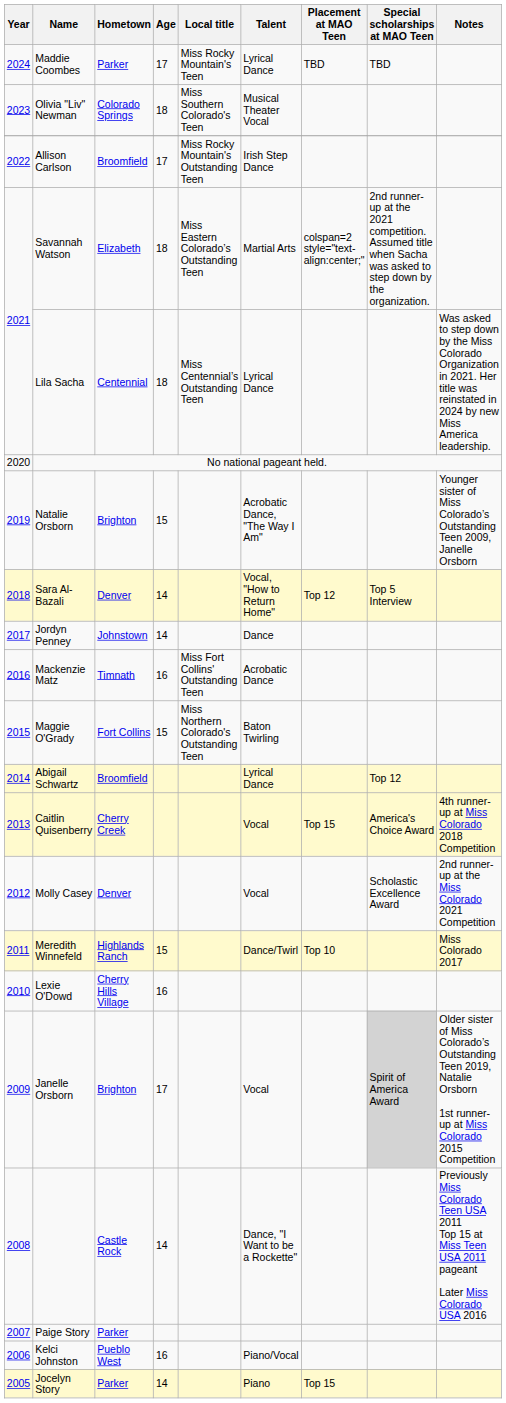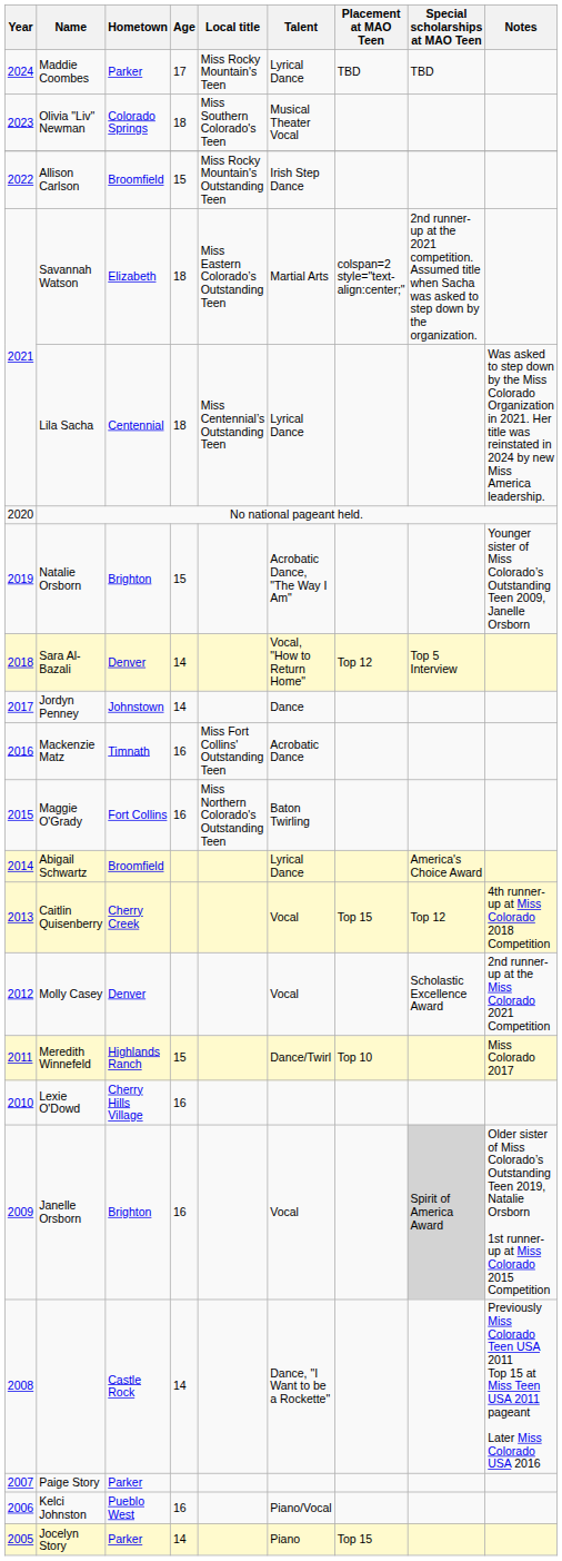 <table class="wikitable sortable"style="width:100%; font-size:90%;">
 <tr bgcolor="#efefef">
 <th>Year</th>
 <th>Name</th>
 <th>Hometown</th>
 <th>Age</th>
 <th>Local title</th>
 <th>Talent</th>
 <th>Placement at MAO Teen</th>
 <th>Special scholarships at MAO Teen</th>
 <th>Notes</th>
 </tr>
 <tr>
 <td><a href='#'>2024</a></td>
 <td>Maddie Coombes</td>
 <td><a href='#'>Parker</a></td>
 <td>17</td>
 <td>Miss Rocky Mountain's Teen</td>
 <td>Lyrical Dance</td>
 <td>TBD</td>
 <td>TBD</td>
 <td></td>
 </tr>
 <tr>
 <td><a href='#'>2023</a></td>
 <td>Olivia "Liv" Newman</td>
 <td><a href='#'>Colorado Springs</a></td>
 <td>18</td>
 <td>Miss Southern Colorado's Teen</td>
 <td>Musical Theater Vocal</td>
 <td></td>
 <td></td>
 <td></td>
 </tr>
 <tr>
 </tr>
 <tr>
 <td><a href='#'>2022</a></td>
 <td>Allison Carlson</td>
 <td><a href='#'>Broomfield</a></td>
-<td>17</td>
+<td>15</td>
 <td>Miss Rocky Mountain's Outstanding Teen</td>
 <td>Irish Step Dance</td>
 <td align="center"></td>
 <td></td>
 <td></td>
 </tr>
 <tr>
 <td rowspan=2><a href='#'>2021</a></td>
 <td>Savannah Watson</td>
 <td><a href='#'>Elizabeth</a></td>
 <td>18</td>
 <td>Miss Eastern Colorado’s Outstanding Teen</td>
 <td>Martial Arts</td>
 <td>colspan=2 style="text-align:center;" </td>
 <td>2nd runner-up at the 2021 competition. Assumed title when Sacha was asked to step down by the organization.</td>
 </tr>
 <tr>
 <td>Lila Sacha</td>
 <td><a href='#'>Centennial</a></td>
 <td>18</td>
 <td>Miss Centennial’s Outstanding Teen</td>
 <td>Lyrical Dance</td>
 <td></td>
 <td></td>
 <td>Was asked to step down by the Miss Colorado Organization in 2021. Her title was reinstated in 2024 by new Miss America leadership.</td>
 </tr>
 <tr ->
 <td>2020</td>
 <td style="text-align:center;" colspan=8>No national pageant held.</td>
 </tr>
 <tr>
 <td><a href='#'>2019</a></td>
 <td>Natalie Orsborn</td>
 <td><a href='#'>Brighton</a></td>
 <td>15</td>
 <td></td>
 <td>Acrobatic Dance, "The Way I Am"</td>
 <td></td>
 <td></td>
 <td>Younger sister of Miss Colorado’s Outstanding Teen 2009, Janelle Orsborn</td>
 </tr>
 <tr style="background-color:#FFFACD;">
 <td><a href='#'>2018</a></td>
 <td>Sara Al-Bazali</td>
 <td><a href='#'>Denver</a></td>
 <td>14</td>
 <td></td>
 <td>Vocal, "How to Return Home"</td>
 <td>Top 12</td>
 <td>Top 5 Interview</td>
 <td></td>
 </tr>
 <tr>
 <td><a href='#'>2017</a></td>
 <td>Jordyn Penney</td>
 <td><a href='#'>Johnstown</a></td>
 <td>14</td>
 <td></td>
 <td>Dance</td>
 <td></td>
 <td></td>
 <td></td>
 </tr>
 <tr>
 <td><a href='#'>2016</a></td>
 <td>Mackenzie Matz</td>
 <td><a href='#'>Timnath</a></td>
 <td>16</td>
 <td>Miss Fort Collins' Outstanding Teen</td>
 <td>Acrobatic Dance</td>
 <td></td>
 <td></td>
 <td></td>
 </tr>
 <tr>
 <td><a href='#'>2015</a></td>
 <td>Maggie O'Grady</td>
 <td><a href='#'>Fort Collins</a></td>
-<td>15</td>
+<td>16</td>
 <td>Miss Northern Colorado's Outstanding Teen</td>
 <td>Baton Twirling</td>
 <td></td>
 <td></td>
 <td></td>
 </tr>
 <tr style="background-color:#FFFACD;">
 <td><a href='#'>2014</a></td>
 <td>Abigail Schwartz</td>
 <td><a href='#'>Broomfield</a></td>
 <td></td>
 <td></td>
 <td>Lyrical Dance</td>
 <td></td>
-<td>Top 12</td>
+<td>America's Choice Award</td>
 <td></td>
 </tr>
 <tr style="background-color:#FFFACD;">
 <td><a href='#'>2013</a></td>
 <td>Caitlin Quisenberry</td>
 <td><a href='#'>Cherry Creek</a></td>
 <td></td>
 <td></td>
 <td>Vocal</td>
 <td>Top 15</td>
-<td>America's Choice Award</td>
+<td>Top 12</td>
 <td>4th runner-up at <a href='#'>Miss Colorado</a> 2018 Competition</td>
 </tr>
 <tr>
 <td><a href='#'>2012</a></td>
 <td>Molly Casey</td>
 <td><a href='#'>Denver</a></td>
 <td></td>
 <td></td>
 <td>Vocal</td>
 <td></td>
 <td>Scholastic Excellence Award</td>
 <td>2nd runner-up at the <a href='#'>Miss Colorado</a> 2021 Competition</td>
 </tr>
 <tr style="background-color:#FFFACD;">
 <td><a href='#'>2011</a></td>
 <td>Meredith Winnefeld</td>
 <td><a href='#'>Highlands Ranch</a></td>
 <td>15</td>
 <td></td>
 <td>Dance/Twirl</td>
 <td>Top 10</td>
 <td></td>
 <td>Miss Colorado 2017</td>
 </tr>
 <tr>
 <td><a href='#'>2010</a></td>
 <td>Lexie O'Dowd</td>
 <td><a href='#'>Cherry Hills Village</a></td>
 <td>16</td>
 <td></td>
 <td></td>
 <td></td>
 <td></td>
 <td></td>
 </tr>
 <tr>
 <td><a href='#'>2009</a></td>
 <td>Janelle Orsborn</td>
 <td><a href='#'>Brighton</a></td>
-<td>17</td>
+<td>16</td>
 <td></td>
 <td>Vocal</td>
 <td></td>
 <td style="background: lightgrey;">Spirit of America Award</td>
 <td>Older sister of Miss Colorado’s Outstanding Teen 2019, Natalie Orsborn<br><br>1st runner-up at <a href='#'>Miss Colorado</a> 2015 Competition</td>
 </tr>
 <tr>
 <td><a href='#'>2008</a></td>
 <td></td>
 <td><a href='#'>Castle Rock</a></td>
 <td>14</td>
 <td></td>
 <td>Dance, "I Want to be a Rockette"</td>
 <td></td>
 <td></td>
 <td>Previously <a href='#'>Miss Colorado Teen USA</a> 2011<br>Top 15 at <a href='#'>Miss Teen USA 2011</a> pageant<br><br>Later <a href='#'>Miss Colorado USA</a> 2016</td>
 </tr>
 <tr>
 <td><a href='#'>2007</a></td>
 <td>Paige Story</td>
 <td><a href='#'>Parker</a></td>
 <td></td>
 <td></td>
 <td></td>
 <td></td>
 <td></td>
 <td></td>
 </tr>
 <tr>
 <td><a href='#'>2006</a></td>
 <td>Kelci Johnston</td>
 <td><a href='#'>Pueblo West</a></td>
 <td>16</td>
 <td></td>
 <td>Piano/Vocal</td>
 <td></td>
 <td></td>
 <td></td>
 </tr>
 <tr style="background-color:#FFFACD;">
 <td><a href='#'>2005</a></td>
 <td>Jocelyn Story</td>
 <td><a href='#'>Parker</a></td>
 <td>14</td>
 <td></td>
 <td>Piano</td>
 <td>Top 15</td>
 <td></td>
 <td></td>
 </tr>
 </table>
